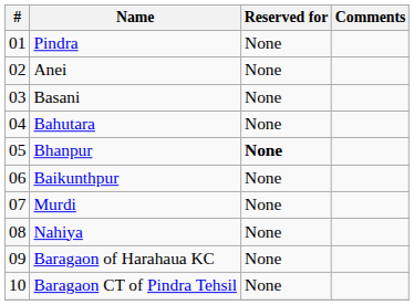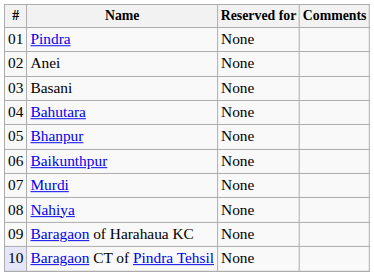 <table class="wikitable sortable">
 <tr>
 <th style="font-size:90%">#</th>
 <th style="font-size:90%">Name</th>
 <th style="font-size:90%">Reserved for</th>
 <th style="font-size:90%">Comments</th>
 </tr>
 <tr>
 <td>01</td>
 <td><a href='#'>Pindra</a></td>
 <td>None</td>
 <td></td>
 </tr>
 <tr>
 <td>02</td>
 <td>Anei</td>
 <td>None</td>
 <td></td>
 </tr>
 <tr>
 <td>03</td>
 <td>Basani</td>
 <td>None</td>
 <td></td>
 </tr>
 <tr>
 <td>04</td>
 <td><a href='#'>Bahutara</a></td>
 <td>None</td>
 <td></td>
 </tr>
 <tr>
 <td>05</td>
 <td><a href='#'>Bhanpur</a></td>
-<td><strong>None</strong></td>
+<td>None</td>
 <td></td>
 </tr>
 <tr>
 <td>06</td>
 <td><a href='#'>Baikunthpur</a></td>
 <td>None</td>
 <td></td>
 </tr>
 <tr>
 <td>07</td>
 <td><a href='#'>Murdi</a></td>
 <td>None</td>
 <td></td>
 </tr>
 <tr>
 <td>08</td>
 <td><a href='#'>Nahiya</a></td>
 <td>None</td>
 <td></td>
 </tr>
 <tr>
 <td>09</td>
 <td><a href='#'>Baragaon</a> of Harahaua KC</td>
 <td>None</td>
 <td></td>
 </tr>
 <tr>
-<td>10</td>
+<td style="background: lavender;">10</td>
 <td><a href='#'>Baragaon</a> CT of <a href='#'>Pindra Tehsil</a></td>
 <td>None</td>
 <td></td>
 </tr>
 <tr>
 </tr>
 </table>
